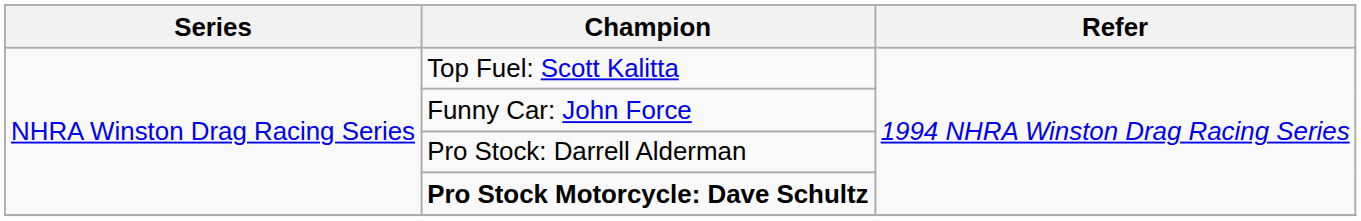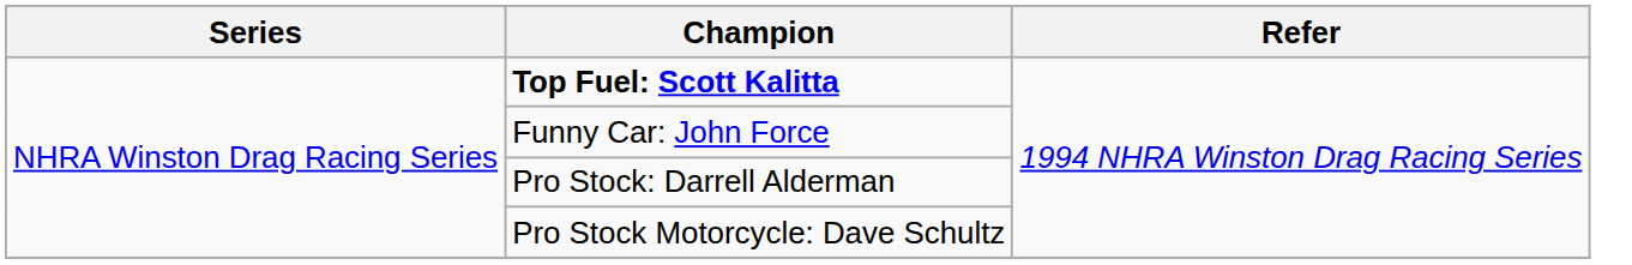 <table class="wikitable" style="font-size:87%;">
 <tr>
 <th>Series</th>
 <th>Champion</th>
 <th>Refer</th>
 </tr>
 <tr>
 <td rowspan=4><a href='#'>NHRA Winston Drag Racing Series</a></td>
-<td>Top Fuel:  <a href='#'>Scott Kalitta</a></td>
+<td><strong>Top Fuel:  <a href='#'>Scott Kalitta</a></strong></td>
 <td rowspan=4><em><a href='#'>1994 NHRA Winston Drag Racing Series</a></em></td>
 </tr>
 <tr>
 <td>Funny Car:  <a href='#'>John Force</a></td>
 </tr>
 <tr>
 <td>Pro Stock:  Darrell Alderman</td>
 </tr>
 <tr>
-<td><strong>Pro Stock Motorcycle:  Dave Schultz</strong></td>
+<td>Pro Stock Motorcycle:  Dave Schultz</td>
 </tr>
 <tr>
 </tr>
 </table>
